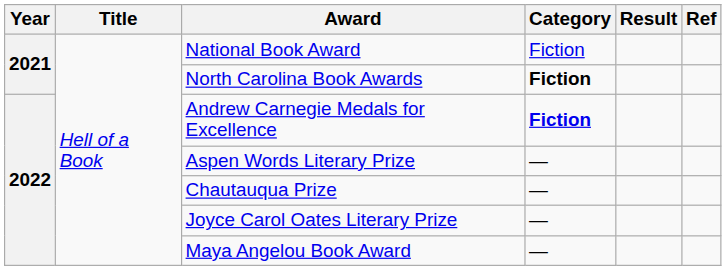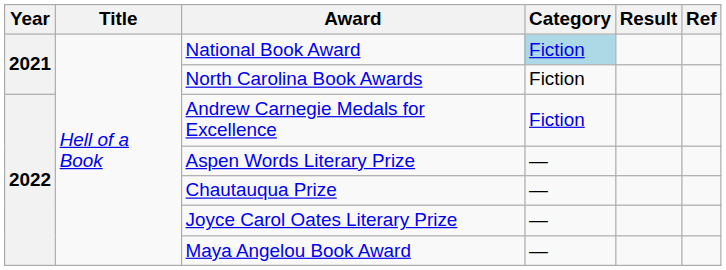 <table class="wikitable">
 <tr>
 <th>Year</th>
 <th>Title</th>
 <th>Award</th>
 <th>Category</th>
 <th>Result</th>
 <th>Ref</th>
 </tr>
 <tr>
 <th rowspan="2">2021</th>
 <td rowspan="7"><em><a href='#'>Hell of a Book</a></em></td>
 <td><a href='#'>National Book Award</a></td>
-<td><a href='#'>Fiction</a></td>
+<td style="background: lightblue;"><a href='#'>Fiction</a></td>
 <td></td>
 <td></td>
 </tr>
 <tr>
 <td><a href='#'>North Carolina Book Awards</a></td>
-<td><strong>Fiction</strong></td>
+<td>Fiction</td>
 <td></td>
 <td></td>
 </tr>
 <tr>
 <th rowspan="5">2022</th>
 <td><a href='#'>Andrew Carnegie Medals for Excellence</a></td>
-<td><strong><a href='#'>Fiction</a></strong></td>
+<td><a href='#'>Fiction</a></td>
 <td></td>
 <td></td>
 </tr>
 <tr>
 <td><a href='#'>Aspen Words Literary Prize</a></td>
 <td>—</td>
 <td></td>
 <td></td>
 </tr>
 <tr>
 <td><a href='#'>Chautauqua Prize</a></td>
 <td>—</td>
 <td></td>
 <td></td>
 </tr>
 <tr>
 <td><a href='#'>Joyce Carol Oates Literary Prize</a></td>
 <td>—</td>
 <td></td>
 <td></td>
 </tr>
 <tr>
 <td><a href='#'>Maya Angelou Book Award</a></td>
 <td>—</td>
 <td></td>
 <td></td>
 </tr>
 </table>
